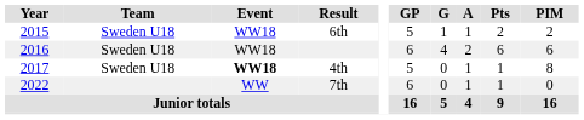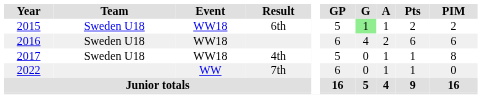 <table border="0" cellpadding="1" cellspacing="0" style="text-align:center; width:40em">
 <tr ALIGN="centre" bgcolor="#e0e0e0">
 <th>Year</th>
 <th>Team</th>
 <th>Event</th>
 <th>Result</th>
 <th rowspan="97" bgcolor="#ffffff"> </th>
 <th>GP</th>
 <th>G</th>
 <th>A</th>
 <th>Pts</th>
 <th>PIM</th>
 </tr>
 <tr>
 <td><a href='#'>2015</a></td>
 <td><a href='#'>Sweden U18</a></td>
 <td><a href='#'>WW18</a></td>
 <td>6th</td>
 <td>5</td>
-<td>1</td>
+<td style="background: lightgreen;">1</td>
 <td>1</td>
 <td>2</td>
 <td>2</td>
 </tr>
 <tr bgcolor="#f0f0f0">
 <td><a href='#'>2016</a></td>
 <td>Sweden U18</td>
 <td>WW18</td>
 <td></td>
 <td>6</td>
 <td>4</td>
 <td>2</td>
 <td>6</td>
 <td>6</td>
 </tr>
 <tr>
 <td><a href='#'>2017</a></td>
 <td>Sweden U18</td>
-<td><strong>WW18</strong></td>
+<td>WW18</td>
 <td>4th</td>
 <td>5</td>
 <td>0</td>
 <td>1</td>
 <td>1</td>
 <td>8</td>
 </tr>
 <tr bgcolor="#f0f0f0">
 <td><a href='#'>2022</a></td>
 <td></td>
 <td><a href='#'>WW</a></td>
 <td>7th</td>
 <td>6</td>
 <td>0</td>
 <td>1</td>
 <td>1</td>
 <td>0</td>
 </tr>
 <tr ALIGN="centre" bgcolor="#e0e0e0">
 <th colspan=4>Junior totals</th>
 <th>16</th>
 <th>5</th>
 <th>4</th>
 <th>9</th>
 <th>16</th>
 </tr>
 <tr ALIGN="centre" bgcolor="#e0e0e0">
 <th colspan=4></th>
 <th></th>
 <th></th>
 <th></th>
 <th></th>
 <th></th>
 </tr>
 </table>
